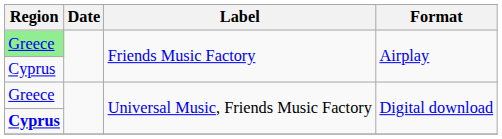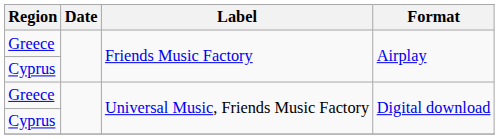 <table class="wikitable">
 <tr>
 <th>Region</th>
 <th>Date</th>
 <th>Label</th>
 <th>Format</th>
 </tr>
 <tr>
-<td style="background: lightgreen;"><a href='#'>Greece</a></td>
+<td><a href='#'>Greece</a></td>
 <td rowspan="2"></td>
 <td rowspan="2"><a href='#'>Friends Music Factory</a></td>
 <td rowspan="2"><a href='#'>Airplay</a></td>
 </tr>
 <tr>
 <td><a href='#'>Cyprus</a></td>
 </tr>
 <tr>
 <td><a href='#'>Greece</a></td>
 <td rowspan="2"></td>
 <td rowspan="2"><a href='#'>Universal Music</a>, Friends Music Factory</td>
 <td rowspan="2"><a href='#'>Digital download</a></td>
 </tr>
 <tr>
-<td><strong><a href='#'>Cyprus</a></strong></td>
+<td><a href='#'>Cyprus</a></td>
 </tr>
 <tr>
 </tr>
 </table>
